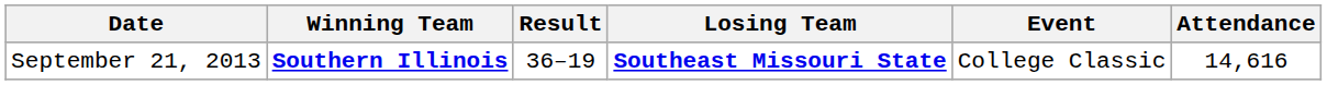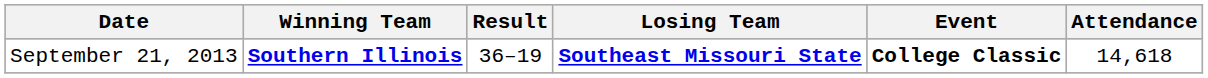 <table class="wikitable" align=center style="margin-left:15px; text-align:center; background:#ffffff;">
 <tr>
 <th style="text-align:center; ">Date</th>
 <th style="text-align:center; ">Winning Team</th>
 <th style="text-align:center; ">Result</th>
 <th style="text-align:center; ">Losing Team</th>
 <th style="text-align:center; ">Event</th>
 <th style="text-align:center; ">Attendance</th>
 </tr>
 <tr>
 <td>September 21, 2013</td>
 <td><strong><a href='#'>Southern Illinois</a></strong></td>
 <td>36–19</td>
 <td><strong><a href='#'>Southeast Missouri State</a></strong></td>
-<td>College Classic</td>
-<td>14,616</td>
+<td><strong>College Classic</strong></td>
+<td>14,618</td>
 </tr>
 </table>
